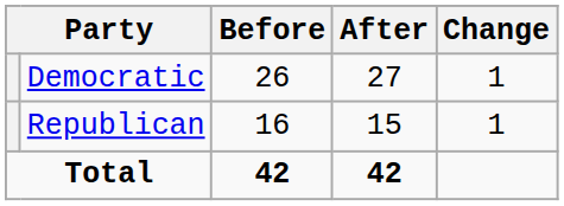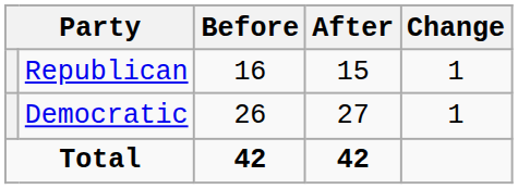 <table class="wikitable" style="text-align:center;">
 <tr>
 <th colspan="2">Party</th>
 <th>Before</th>
 <th>After</th>
 <th>Change</th>
 </tr>
 <tr>
 <th style="background-color:"></th>
-<td style="text-align:left;"><a href='#'>Democratic</a></td>
-<td>26</td>
-<td>27</td>
+<td style="text-align:left;"><a href='#'>Republican</a></td>
+<td>16</td>
+<td>15</td>
 <td> 1</td>
 </tr>
 <tr>
 <th style="background-color:"></th>
-<td style="text-align:left;"><a href='#'>Republican</a></td>
-<td>16</td>
-<td>15</td>
+<td style="text-align:left;"><a href='#'>Democratic</a></td>
+<td>26</td>
+<td>27</td>
 <td> 1</td>
 </tr>
 <tr>
 <td colspan="2"><strong>Total</strong></td>
 <td><strong>42</strong></td>
 <td><strong>42</strong></td>
 <td></td>
 </tr>
 </table>
